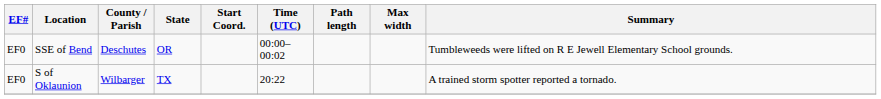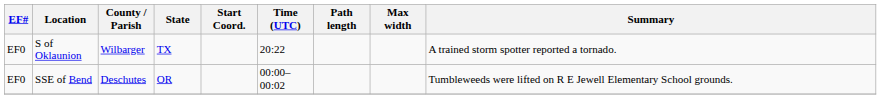 <table class="wikitable sortable" style="width:100%;">
 <tr>
 <th scope="col"  style="width:3%; text-align:center;"><a href='#'>EF#</a></th>
 <th scope="col"  style="width:7%; text-align:center;" class="unsortable">Location</th>
 <th scope="col"  style="width:6%; text-align:center;" class="unsortable">County / Parish</th>
 <th scope="col"  style="width:5%; text-align:center;">State</th>
 <th scope="col"  style="width:6%; text-align:center;">Start Coord.</th>
 <th scope="col"  style="width:6%; text-align:center;">Time (<a href='#'>UTC</a>)</th>
 <th scope="col"  style="width:6%; text-align:center;">Path length</th>
 <th scope="col"  style="width:6%; text-align:center;">Max width</th>
 <th scope="col" class="unsortable" style="width:48%; text-align:center;">Summary</th>
 </tr>
 <tr>
 <td>EF0</td>
+<td>S of <a href='#'>Oklaunion</a></td>
+<td><a href='#'>Wilbarger</a></td>
+<td><a href='#'>TX</a></td>
+<td></td>
+<td>20:22</td>
+<td></td>
+<td></td>
+<td>A trained storm spotter reported a tornado.</td>
+</tr>
+<tr>
+<td>EF0</td>
 <td>SSE of <a href='#'>Bend</a></td>
 <td><a href='#'>Deschutes</a></td>
 <td><a href='#'>OR</a></td>
 <td></td>
 <td>00:00–00:02</td>
 <td></td>
 <td></td>
 <td>Tumbleweeds were lifted on R E Jewell Elementary School grounds.</td>
 </tr>
 <tr>
-<td>EF0</td>
-<td>S of <a href='#'>Oklaunion</a></td>
-<td><a href='#'>Wilbarger</a></td>
-<td><a href='#'>TX</a></td>
-<td></td>
-<td>20:22</td>
-<td></td>
-<td></td>
-<td>A trained storm spotter reported a tornado.</td>
-</tr>
-<tr>
 </tr>
 </table>
